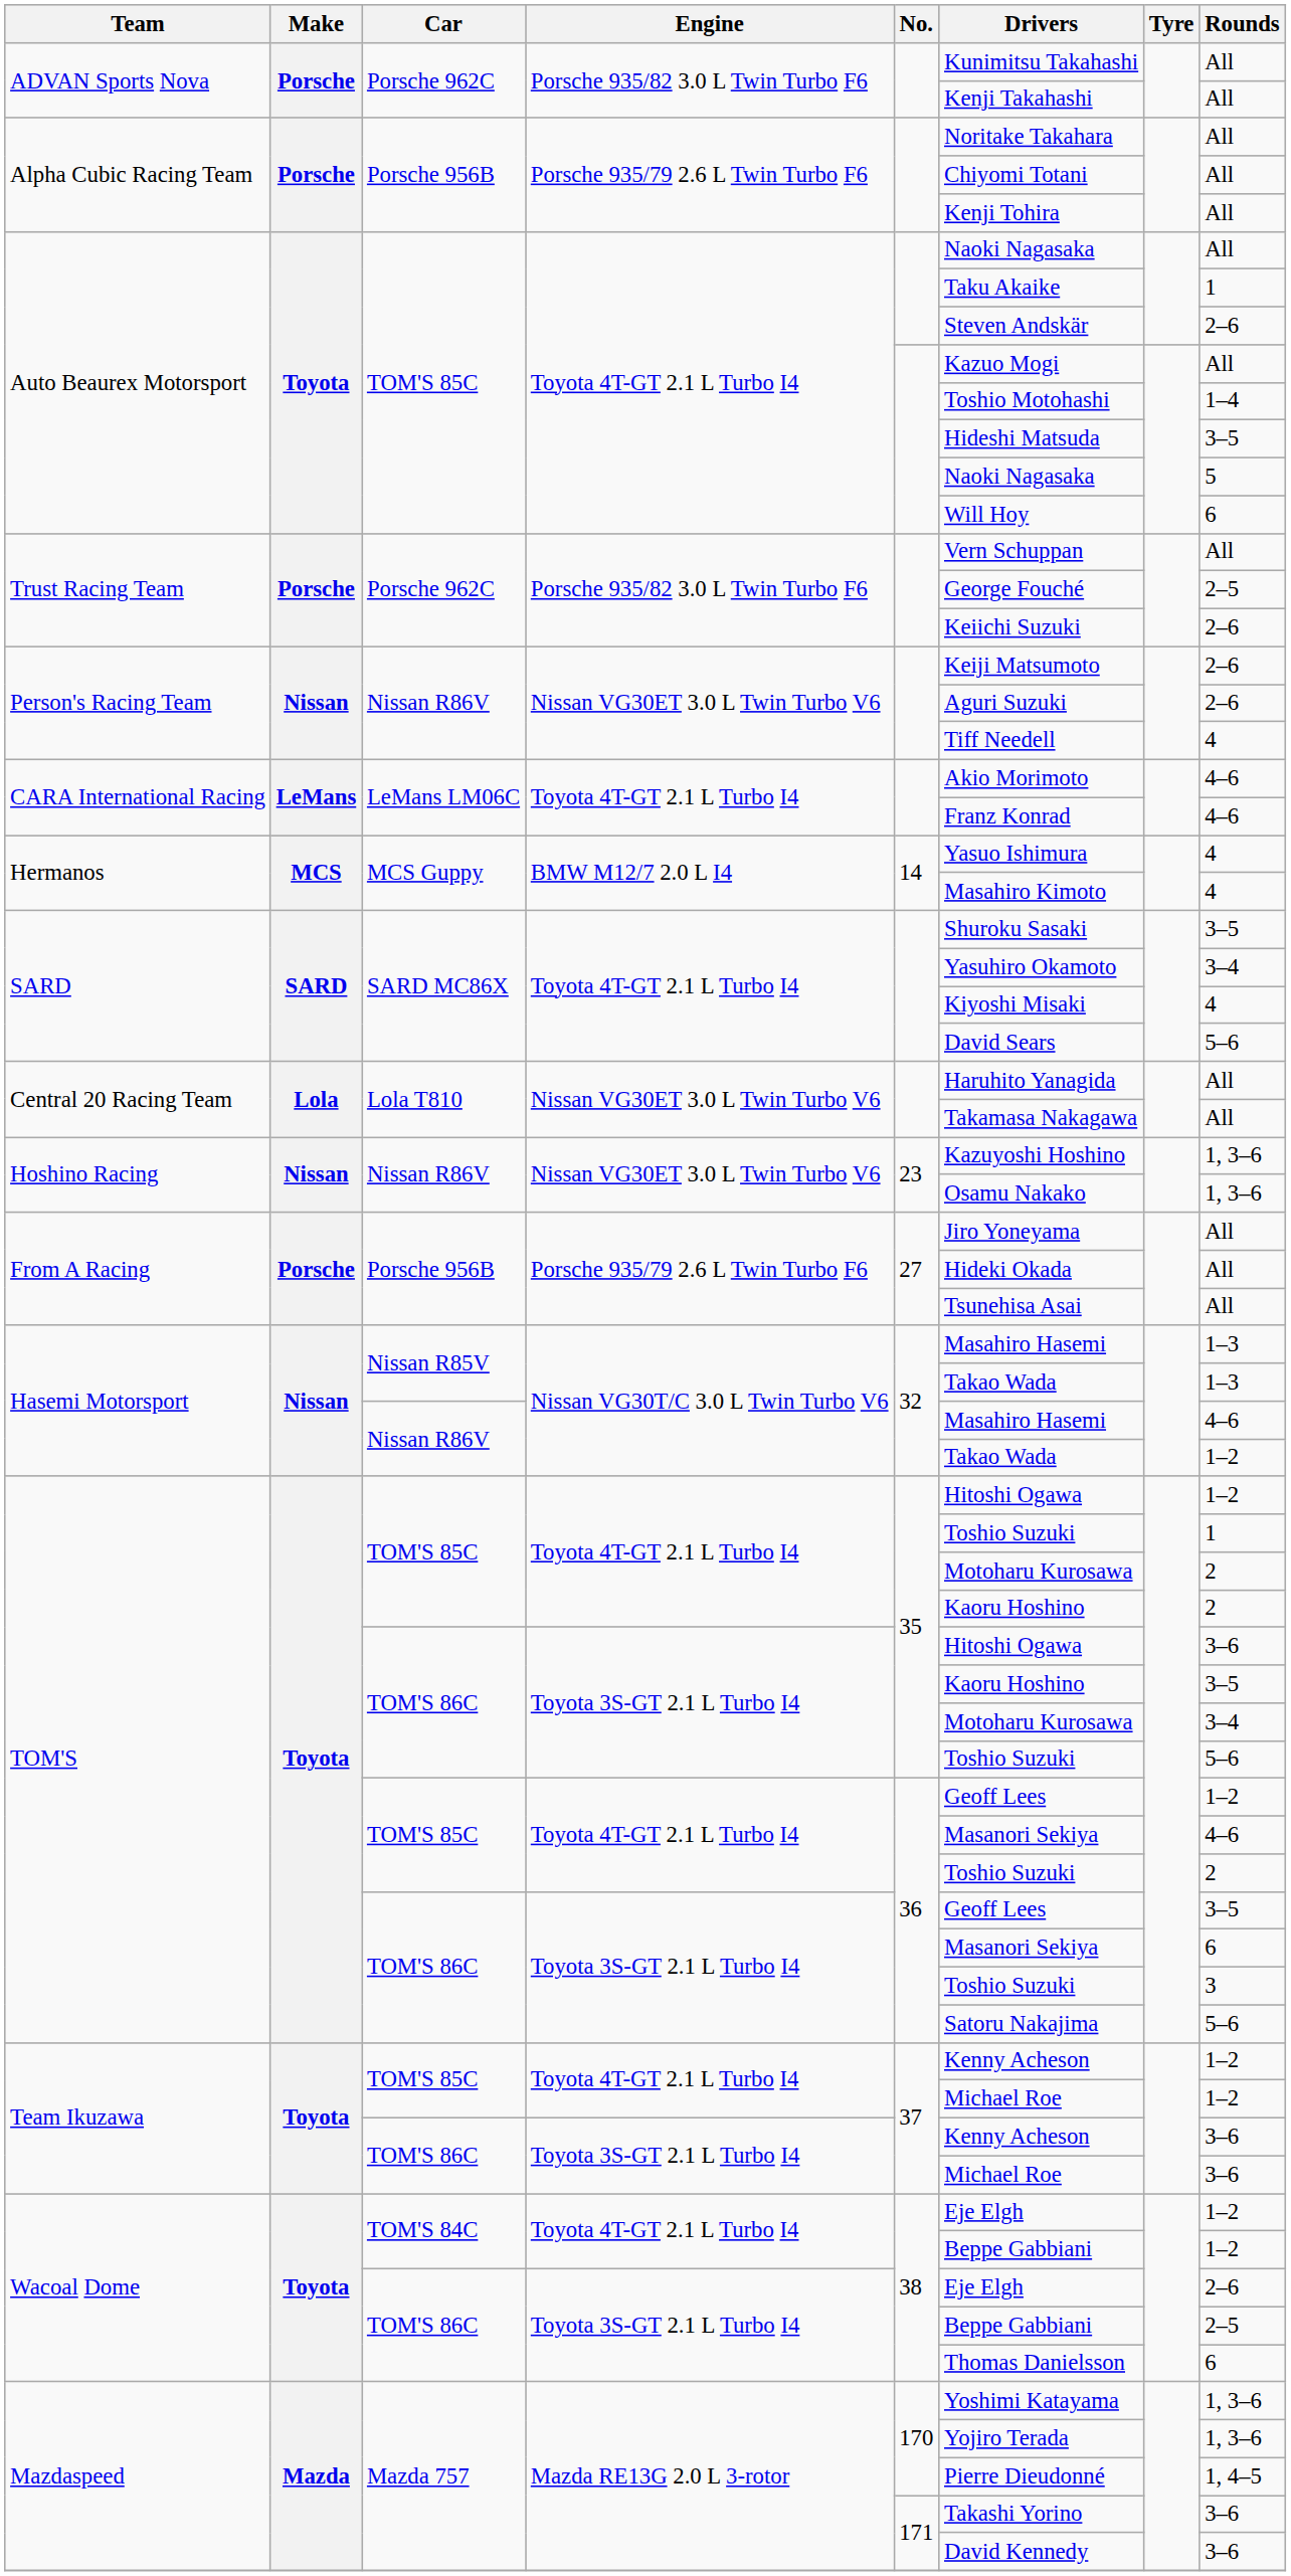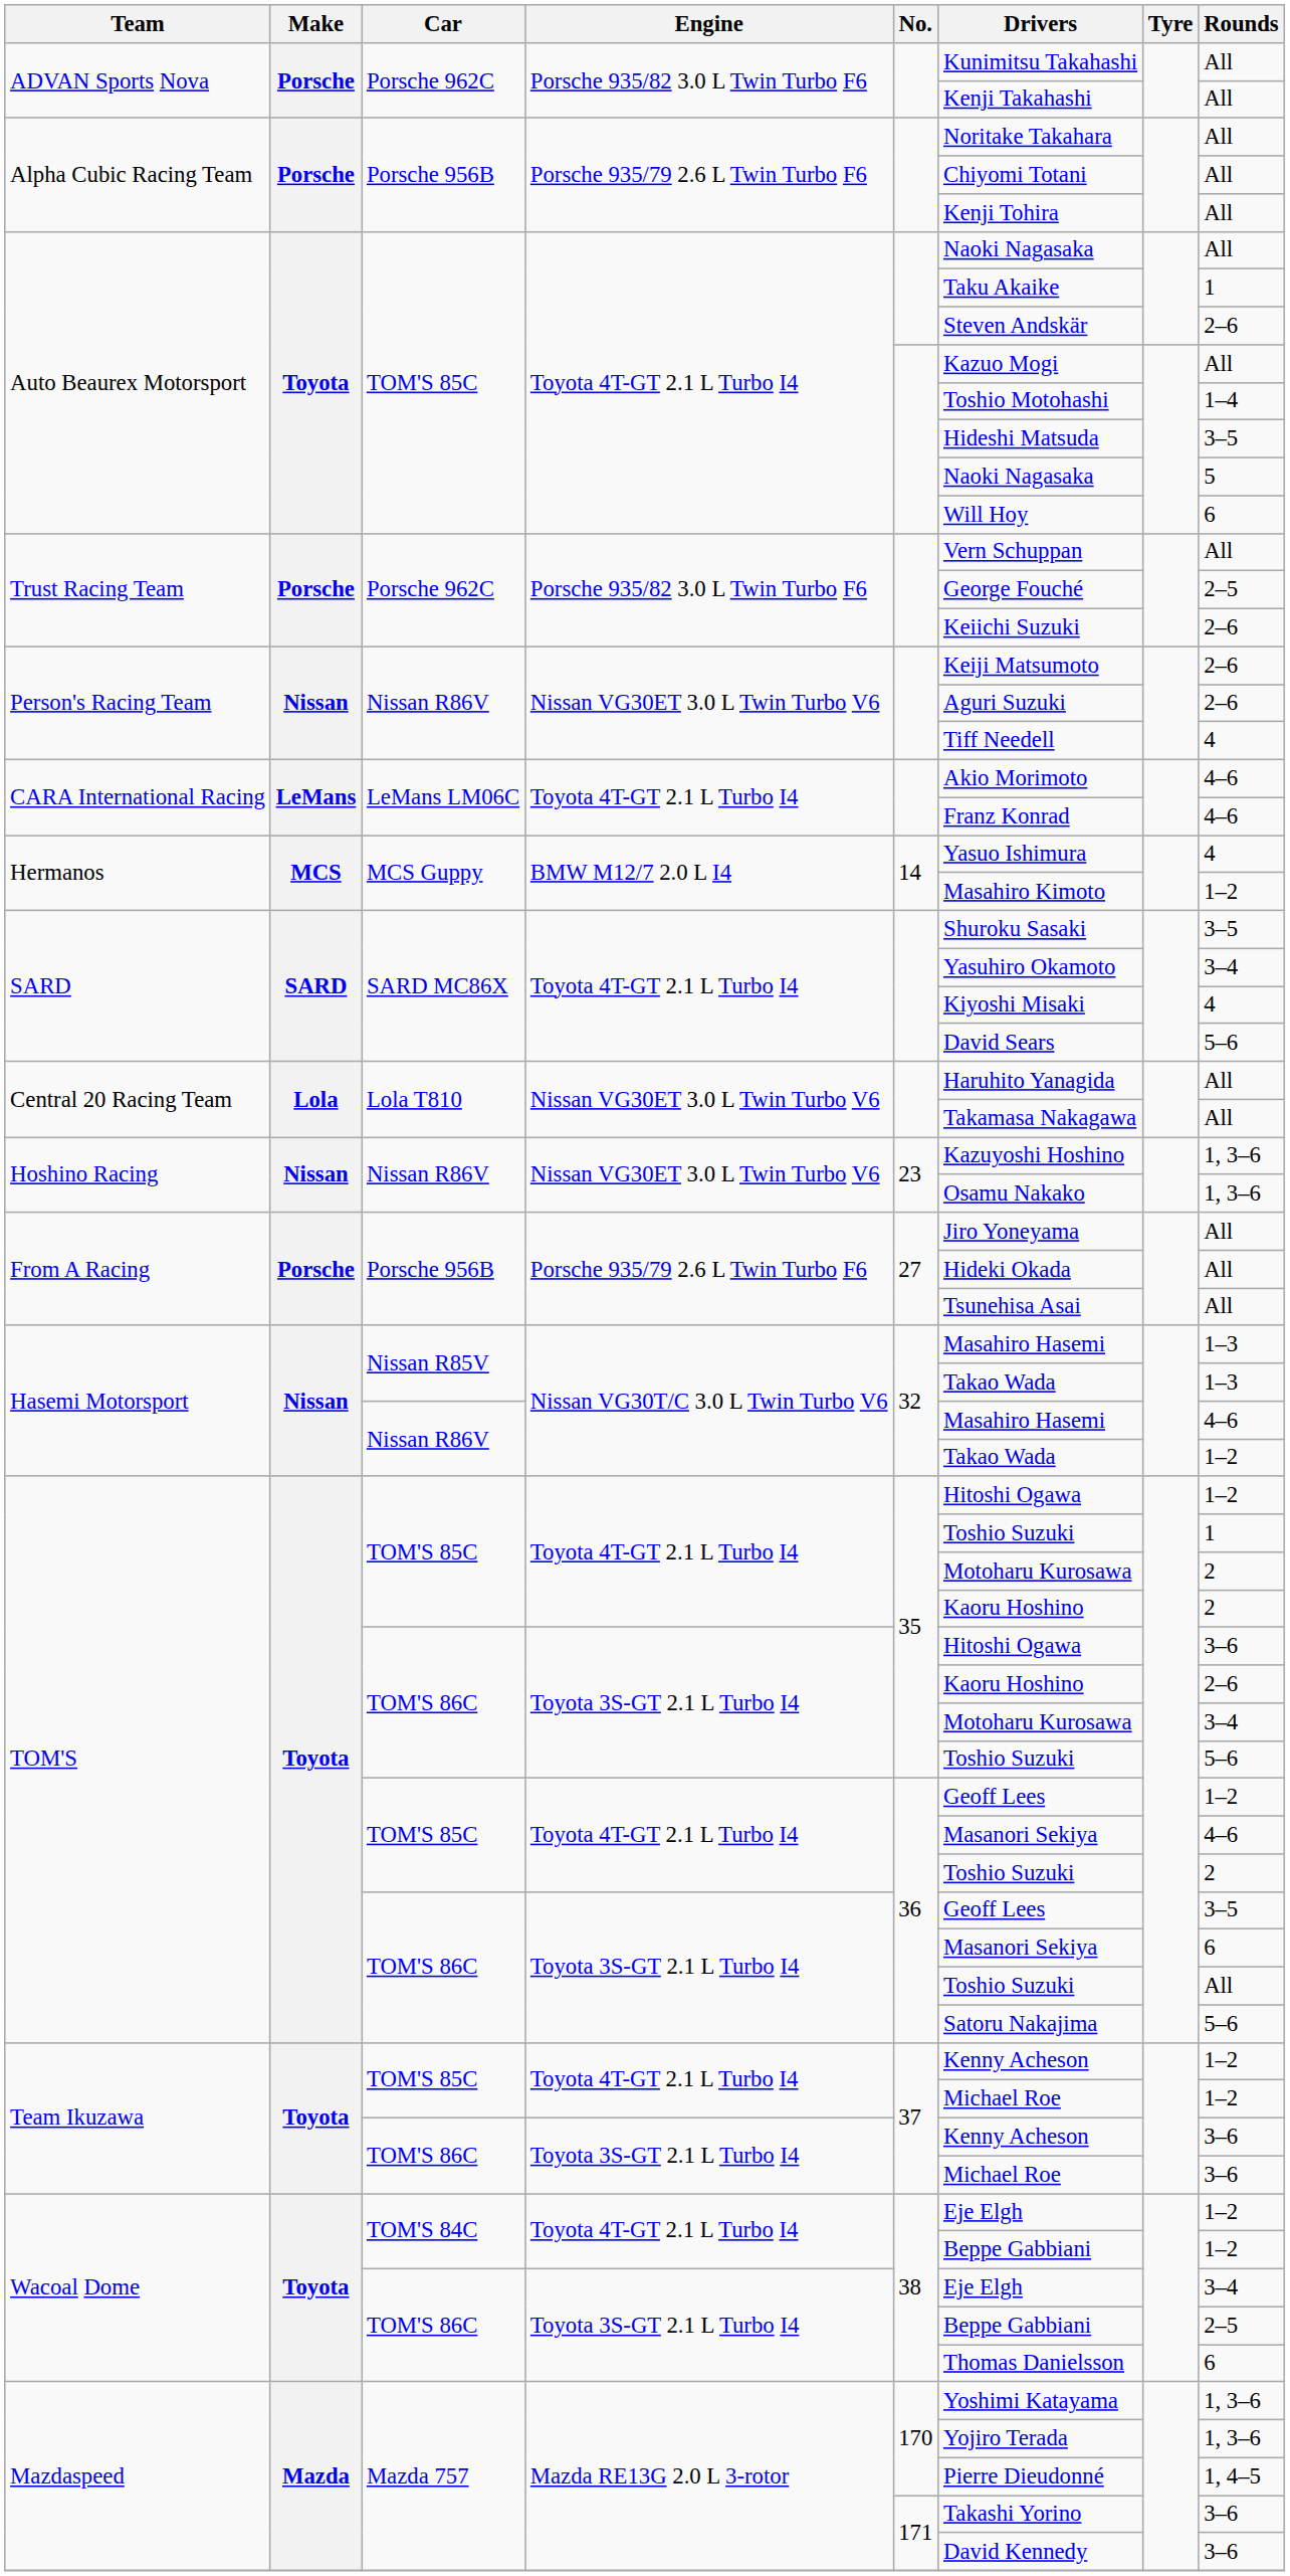 <table class="wikitable" style="font-size: 90%;">
 <tr>
 <th>Team</th>
 <th>Make</th>
 <th>Car</th>
 <th>Engine</th>
 <th>No.</th>
 <th>Drivers</th>
 <th>Tyre</th>
 <th>Rounds</th>
 </tr>
 <tr>
 <td rowspan=2><a href='#'>ADVAN Sports</a> <a href='#'>Nova</a></td>
 <th rowspan=2><a href='#'>Porsche</a></th>
 <td rowspan=2><a href='#'>Porsche 962C</a></td>
 <td rowspan=2><a href='#'>Porsche 935/82</a> 3.0 L <a href='#'>Twin Turbo</a> <a href='#'>F6</a></td>
 <td rowspan=2></td>
 <td> <a href='#'>Kunimitsu Takahashi</a></td>
 <td align=center rowspan=2></td>
 <td>All</td>
 </tr>
 <tr>
 <td> <a href='#'>Kenji Takahashi</a></td>
 <td>All</td>
 </tr>
 <tr>
 <td rowspan=3>Alpha Cubic Racing Team</td>
 <th rowspan=3><a href='#'>Porsche</a></th>
 <td rowspan=3><a href='#'>Porsche 956B</a></td>
 <td rowspan=3><a href='#'>Porsche 935/79</a> 2.6 L <a href='#'>Twin Turbo</a> <a href='#'>F6</a></td>
 <td rowspan=3></td>
 <td> <a href='#'>Noritake Takahara</a></td>
 <td align=center rowspan=3></td>
 <td>All</td>
 </tr>
 <tr>
 <td> <a href='#'>Chiyomi Totani</a></td>
 <td>All</td>
 </tr>
 <tr>
 <td> <a href='#'>Kenji Tohira</a></td>
 <td>All</td>
 </tr>
 <tr>
 <td rowspan=8>Auto Beaurex Motorsport</td>
 <th rowspan=8><a href='#'>Toyota</a></th>
 <td rowspan=8><a href='#'>TOM'S 85C</a></td>
 <td rowspan=8><a href='#'>Toyota 4T-GT</a> 2.1 L <a href='#'>Turbo</a> <a href='#'>I4</a></td>
 <td rowspan=3></td>
 <td> <a href='#'>Naoki Nagasaka</a></td>
 <td align=center rowspan=3></td>
 <td>All</td>
 </tr>
 <tr>
 <td> <a href='#'>Taku Akaike</a></td>
 <td>1</td>
 </tr>
 <tr>
 <td> <a href='#'>Steven Andskär</a></td>
 <td>2–6</td>
 </tr>
 <tr>
 <td rowspan=5></td>
 <td> <a href='#'>Kazuo Mogi</a></td>
 <td align=center rowspan=5></td>
 <td>All</td>
 </tr>
 <tr>
 <td> <a href='#'>Toshio Motohashi</a></td>
 <td>1–4</td>
 </tr>
 <tr>
 <td> <a href='#'>Hideshi Matsuda</a></td>
 <td>3–5</td>
 </tr>
 <tr>
 <td> <a href='#'>Naoki Nagasaka</a></td>
 <td>5</td>
 </tr>
 <tr>
 <td> <a href='#'>Will Hoy</a></td>
 <td>6</td>
 </tr>
 <tr>
 <td rowspan=3><a href='#'>Trust Racing Team</a></td>
 <th rowspan=3><a href='#'>Porsche</a></th>
 <td rowspan=3><a href='#'>Porsche 962C</a></td>
 <td rowspan=3><a href='#'>Porsche 935/82</a> 3.0 L <a href='#'>Twin Turbo</a> <a href='#'>F6</a></td>
 <td rowspan=3></td>
 <td> <a href='#'>Vern Schuppan</a></td>
 <td align=center rowspan=3></td>
 <td>All</td>
 </tr>
 <tr>
 <td> <a href='#'>George Fouché</a></td>
 <td>2–5</td>
 </tr>
 <tr>
 <td> <a href='#'>Keiichi Suzuki</a></td>
 <td>2–6</td>
 </tr>
 <tr>
 <td rowspan=3><a href='#'>Person's Racing Team</a></td>
 <th rowspan=3><a href='#'>Nissan</a></th>
 <td rowspan=3><a href='#'>Nissan R86V</a></td>
 <td rowspan=3><a href='#'>Nissan VG30ET</a> 3.0 L <a href='#'>Twin Turbo</a> <a href='#'>V6</a></td>
 <td rowspan=3></td>
 <td> <a href='#'>Keiji Matsumoto</a></td>
 <td align=center rowspan=3></td>
 <td>2–6</td>
 </tr>
 <tr>
 <td> <a href='#'>Aguri Suzuki</a></td>
 <td>2–6</td>
 </tr>
 <tr>
 <td> <a href='#'>Tiff Needell</a></td>
 <td>4</td>
 </tr>
 <tr>
 <td rowspan=2><a href='#'>CARA International Racing</a></td>
 <th rowspan=2><a href='#'>LeMans</a></th>
 <td rowspan=2><a href='#'>LeMans LM06C</a></td>
 <td rowspan=2><a href='#'>Toyota 4T-GT</a> 2.1 L <a href='#'>Turbo</a> <a href='#'>I4</a></td>
 <td rowspan=2></td>
 <td> <a href='#'>Akio Morimoto</a></td>
 <td align=center rowspan=2></td>
 <td>4–6</td>
 </tr>
 <tr>
 <td> <a href='#'>Franz Konrad</a></td>
 <td>4–6</td>
 </tr>
 <tr>
 <td rowspan=2>Hermanos</td>
 <th rowspan=2><a href='#'>MCS</a></th>
 <td rowspan=2><a href='#'>MCS Guppy</a></td>
 <td rowspan=2><a href='#'>BMW M12/7</a> 2.0 L <a href='#'>I4</a></td>
 <td rowspan=2>14</td>
 <td> <a href='#'>Yasuo Ishimura</a></td>
 <td align=center rowspan=2></td>
 <td>4</td>
 </tr>
 <tr>
 <td> <a href='#'>Masahiro Kimoto</a></td>
-<td>4</td>
+<td>1–2</td>
 </tr>
 <tr>
 <td rowspan=4><a href='#'>SARD</a></td>
 <th rowspan=4><a href='#'>SARD</a></th>
 <td rowspan=4><a href='#'>SARD MC86X</a></td>
 <td rowspan=4><a href='#'>Toyota 4T-GT</a> 2.1 L <a href='#'>Turbo</a> <a href='#'>I4</a></td>
 <td rowspan=4></td>
 <td> <a href='#'>Shuroku Sasaki</a></td>
 <td align=center rowspan=4></td>
 <td>3–5</td>
 </tr>
 <tr>
 <td> <a href='#'>Yasuhiro Okamoto</a></td>
 <td>3–4</td>
 </tr>
 <tr>
 <td> <a href='#'>Kiyoshi Misaki</a></td>
 <td>4</td>
 </tr>
 <tr>
 <td> <a href='#'>David Sears</a></td>
 <td>5–6</td>
 </tr>
 <tr>
 <td rowspan=2>Central 20 Racing Team</td>
 <th rowspan=2><a href='#'>Lola</a></th>
 <td rowspan=2><a href='#'>Lola T810</a></td>
 <td rowspan=2><a href='#'>Nissan VG30ET</a> 3.0 L <a href='#'>Twin Turbo</a> <a href='#'>V6</a></td>
 <td rowspan=2></td>
 <td> <a href='#'>Haruhito Yanagida</a></td>
 <td align=center rowspan=2></td>
 <td>All</td>
 </tr>
 <tr>
 <td> <a href='#'>Takamasa Nakagawa</a></td>
 <td>All</td>
 </tr>
 <tr>
 <td rowspan=2><a href='#'>Hoshino Racing</a></td>
 <th rowspan=2><a href='#'>Nissan</a></th>
 <td rowspan=2><a href='#'>Nissan R86V</a></td>
 <td rowspan=2><a href='#'>Nissan VG30ET</a> 3.0 L <a href='#'>Twin Turbo</a> <a href='#'>V6</a></td>
 <td rowspan=2>23</td>
 <td> <a href='#'>Kazuyoshi Hoshino</a></td>
 <td align=center rowspan=2></td>
 <td>1, 3–6</td>
 </tr>
 <tr>
 <td> <a href='#'>Osamu Nakako</a></td>
 <td>1, 3–6</td>
 </tr>
 <tr>
 <td rowspan=3><a href='#'>From A Racing</a></td>
 <th rowspan=3><a href='#'>Porsche</a></th>
 <td rowspan=3><a href='#'>Porsche 956B</a></td>
 <td rowspan=3><a href='#'>Porsche 935/79</a> 2.6 L <a href='#'>Twin Turbo</a> <a href='#'>F6</a></td>
 <td rowspan=3>27</td>
 <td> <a href='#'>Jiro Yoneyama</a></td>
 <td align=center rowspan=3></td>
 <td>All</td>
 </tr>
 <tr>
 <td> <a href='#'>Hideki Okada</a></td>
 <td>All</td>
 </tr>
 <tr>
 <td> <a href='#'>Tsunehisa Asai</a></td>
 <td>All</td>
 </tr>
 <tr>
 <td rowspan=4><a href='#'>Hasemi Motorsport</a></td>
 <th rowspan=4><a href='#'>Nissan</a></th>
 <td rowspan=2><a href='#'>Nissan R85V</a></td>
 <td rowspan=4><a href='#'>Nissan VG30T/C</a> 3.0 L <a href='#'>Twin Turbo</a> <a href='#'>V6</a></td>
 <td rowspan=4>32</td>
 <td> <a href='#'>Masahiro Hasemi</a></td>
 <td align=center rowspan=4></td>
 <td>1–3</td>
 </tr>
 <tr>
 <td> <a href='#'>Takao Wada</a></td>
 <td>1–3</td>
 </tr>
 <tr>
 <td rowspan=2><a href='#'>Nissan R86V</a></td>
 <td> <a href='#'>Masahiro Hasemi</a></td>
 <td>4–6</td>
 </tr>
 <tr>
 <td> <a href='#'>Takao Wada</a></td>
 <td>1–2</td>
 </tr>
 <tr>
 <td rowspan=15><a href='#'>TOM'S</a></td>
 <th rowspan=15><a href='#'>Toyota</a></th>
 <td rowspan=4><a href='#'>TOM'S 85C</a></td>
 <td rowspan=4><a href='#'>Toyota 4T-GT</a> 2.1 L <a href='#'>Turbo</a> <a href='#'>I4</a></td>
 <td rowspan=8>35</td>
 <td> <a href='#'>Hitoshi Ogawa</a></td>
 <td align=center rowspan=15></td>
 <td>1–2</td>
 </tr>
 <tr>
 <td> <a href='#'>Toshio Suzuki</a></td>
 <td>1</td>
 </tr>
 <tr>
 <td> <a href='#'>Motoharu Kurosawa</a></td>
 <td>2</td>
 </tr>
 <tr>
 <td> <a href='#'>Kaoru Hoshino</a></td>
 <td>2</td>
 </tr>
 <tr>
 <td rowspan=4><a href='#'>TOM'S 86C</a></td>
 <td rowspan=4><a href='#'>Toyota 3S-GT</a> 2.1 L <a href='#'>Turbo</a> <a href='#'>I4</a></td>
 <td> <a href='#'>Hitoshi Ogawa</a></td>
 <td>3–6</td>
 </tr>
 <tr>
 <td> <a href='#'>Kaoru Hoshino</a></td>
-<td>3–5</td>
+<td>2–6</td>
 </tr>
 <tr>
 <td> <a href='#'>Motoharu Kurosawa</a></td>
 <td>3–4</td>
 </tr>
 <tr>
 <td> <a href='#'>Toshio Suzuki</a></td>
 <td>5–6</td>
 </tr>
 <tr>
 <td rowspan=3><a href='#'>TOM'S 85C</a></td>
 <td rowspan=3><a href='#'>Toyota 4T-GT</a> 2.1 L <a href='#'>Turbo</a> <a href='#'>I4</a></td>
 <td rowspan=7>36</td>
 <td> <a href='#'>Geoff Lees</a></td>
 <td>1–2</td>
 </tr>
 <tr>
 <td> <a href='#'>Masanori Sekiya</a></td>
 <td>4–6</td>
 </tr>
 <tr>
 <td> <a href='#'>Toshio Suzuki</a></td>
 <td>2</td>
 </tr>
 <tr>
 <td rowspan=4><a href='#'>TOM'S 86C</a></td>
 <td rowspan=4><a href='#'>Toyota 3S-GT</a> 2.1 L <a href='#'>Turbo</a> <a href='#'>I4</a></td>
 <td> <a href='#'>Geoff Lees</a></td>
 <td>3–5</td>
 </tr>
 <tr>
 <td> <a href='#'>Masanori Sekiya</a></td>
 <td>6</td>
 </tr>
 <tr>
 <td> <a href='#'>Toshio Suzuki</a></td>
-<td>3</td>
+<td>All</td>
 </tr>
 <tr>
 <td> <a href='#'>Satoru Nakajima</a></td>
 <td>5–6</td>
 </tr>
 <tr>
 <td rowspan=4><a href='#'>Team Ikuzawa</a></td>
 <th rowspan=4><a href='#'>Toyota</a></th>
 <td rowspan=2><a href='#'>TOM'S 85C</a></td>
 <td rowspan=2><a href='#'>Toyota 4T-GT</a> 2.1 L <a href='#'>Turbo</a> <a href='#'>I4</a></td>
 <td rowspan=4>37</td>
 <td> <a href='#'>Kenny Acheson</a></td>
 <td align=center rowspan=4></td>
 <td>1–2</td>
 </tr>
 <tr>
 <td> <a href='#'>Michael Roe</a></td>
 <td>1–2</td>
 </tr>
 <tr>
 <td rowspan=2><a href='#'>TOM'S 86C</a></td>
 <td rowspan=2><a href='#'>Toyota 3S-GT</a> 2.1 L <a href='#'>Turbo</a> <a href='#'>I4</a></td>
 <td> <a href='#'>Kenny Acheson</a></td>
 <td>3–6</td>
 </tr>
 <tr>
 <td> <a href='#'>Michael Roe</a></td>
 <td>3–6</td>
 </tr>
 <tr>
 <td rowspan=5><a href='#'>Wacoal</a> <a href='#'>Dome</a></td>
 <th rowspan=5><a href='#'>Toyota</a></th>
 <td rowspan=2><a href='#'>TOM'S 84C</a></td>
 <td rowspan=2><a href='#'>Toyota 4T-GT</a> 2.1 L <a href='#'>Turbo</a> <a href='#'>I4</a></td>
 <td rowspan=5>38</td>
 <td> <a href='#'>Eje Elgh</a></td>
 <td align=center rowspan=5></td>
 <td>1–2</td>
 </tr>
 <tr>
 <td> <a href='#'>Beppe Gabbiani</a></td>
 <td>1–2</td>
 </tr>
 <tr>
 <td rowspan=3><a href='#'>TOM'S 86C</a></td>
 <td rowspan=3><a href='#'>Toyota 3S-GT</a> 2.1 L <a href='#'>Turbo</a> <a href='#'>I4</a></td>
 <td> <a href='#'>Eje Elgh</a></td>
-<td>2–6</td>
+<td>3–4</td>
 </tr>
 <tr>
 <td> <a href='#'>Beppe Gabbiani</a></td>
 <td>2–5</td>
 </tr>
 <tr>
 <td> <a href='#'>Thomas Danielsson</a></td>
 <td>6</td>
 </tr>
 <tr>
 <td rowspan=5><a href='#'>Mazdaspeed</a></td>
 <th rowspan=5><a href='#'>Mazda</a></th>
 <td rowspan=5><a href='#'>Mazda 757</a></td>
 <td rowspan=5><a href='#'>Mazda RE13G</a> 2.0 L <a href='#'>3-rotor</a></td>
 <td rowspan=3>170</td>
 <td> <a href='#'>Yoshimi Katayama</a></td>
 <td align=center rowspan=5></td>
 <td>1, 3–6</td>
 </tr>
 <tr>
 <td> <a href='#'>Yojiro Terada</a></td>
 <td>1, 3–6</td>
 </tr>
 <tr>
 <td> <a href='#'>Pierre Dieudonné</a></td>
 <td>1, 4–5</td>
 </tr>
 <tr>
 <td rowspan=2>171</td>
 <td> <a href='#'>Takashi Yorino</a></td>
 <td>3–6</td>
 </tr>
 <tr>
 <td> <a href='#'>David Kennedy</a></td>
 <td>3–6</td>
 </tr>
 <tr>
 </tr>
 </table>
